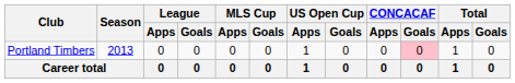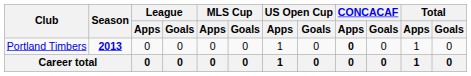 <table class="wikitable" style="text-align: center;">
 <tr>
 <th rowspan="2">Club</th>
 <th rowspan="2">Season</th>
 <th colspan="2">League</th>
 <th colspan="2">MLS Cup</th>
 <th colspan="2">US Open Cup</th>
 <th colspan="2"><a href='#'>CONCACAF</a></th>
 <th colspan="2">Total</th>
 </tr>
 <tr>
 <th>Apps</th>
 <th>Goals</th>
 <th>Apps</th>
 <th>Goals</th>
 <th>Apps</th>
 <th>Goals</th>
 <th>Apps</th>
 <th>Goals</th>
 <th>Apps</th>
 <th>Goals</th>
 </tr>
 <tr>
 <td rowspan="1"><a href='#'>Portland Timbers</a></td>
-<td><a href='#'>2013</a></td>
+<td><strong><a href='#'>2013</a></strong></td>
 <td>0</td>
 <td>0</td>
 <td>0</td>
 <td>0</td>
 <td>1</td>
 <td>0</td>
+<td><strong>0</strong></td>
 <td>0</td>
-<td style="background: pink;">0</td>
 <td>1</td>
 <td>0</td>
 </tr>
 <tr>
 <th colspan="2">Career total</th>
 <th>0</th>
 <th>0</th>
 <th>0</th>
 <th>0</th>
 <th>1</th>
 <th>0</th>
 <th>0</th>
 <th>0</th>
 <th>1</th>
 <th>0</th>
 </tr>
 </table>
